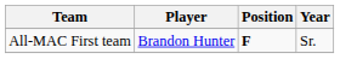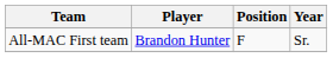 <table class="wikitable" border="1">
 <tr align=center>
 <th style= >Team</th>
 <th style= >Player</th>
 <th style= >Position</th>
 <th style= >Year</th>
 </tr>
 <tr align="center">
 </tr>
 <tr>
 <td>All-MAC First team</td>
 <td><a href='#'>Brandon Hunter</a></td>
-<td><strong>F</strong></td>
+<td>F</td>
 <td>Sr.</td>
 </tr>
 <tr>
 </tr>
 </table>
